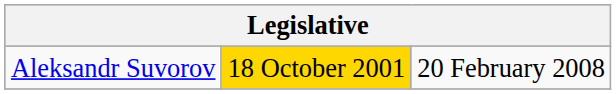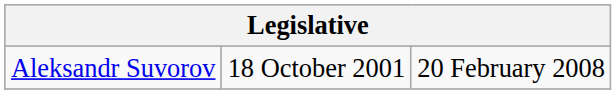 <table class="wikitable sortable">
 <tr>
 <th colspan=3>Legislative</th>
 </tr>
 <tr>
 <td><a href='#'>Aleksandr Suvorov</a></td>
-<td style="background: gold;">18 October 2001</td>
+<td>18 October 2001</td>
 <td>20 February 2008</td>
 </tr>
 </table>
